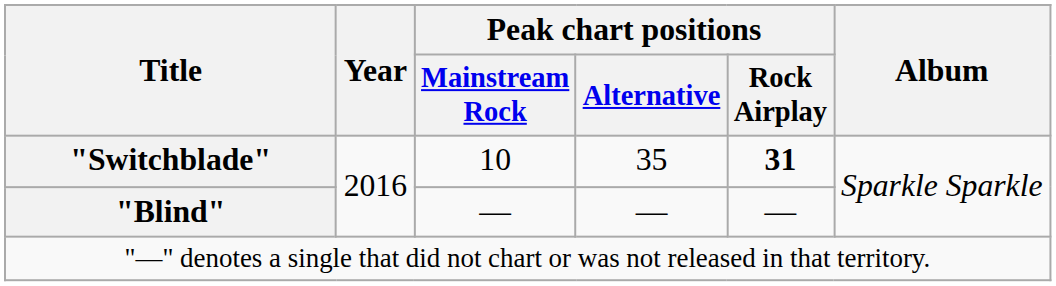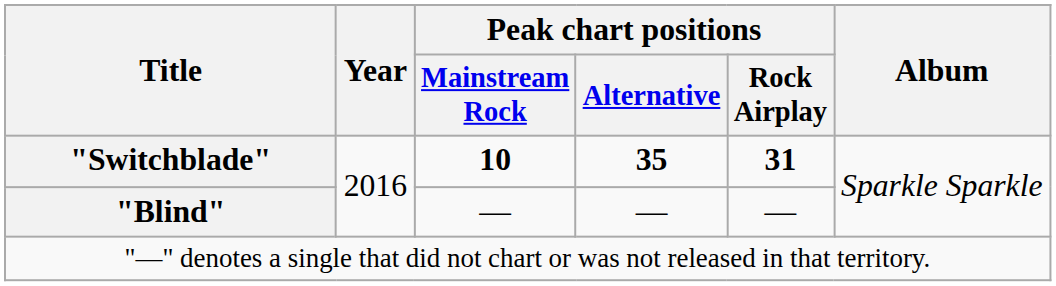 <table class="wikitable plainrowheaders" style="text-align:center;">
 <tr>
 <th scope="col" rowspan="2" style="width:10em;">Title</th>
 <th scope="col" rowspan="2">Year</th>
 <th scope="col" colspan="3">Peak chart positions</th>
 <th scope="col" rowspan="2">Album</th>
 </tr>
 <tr>
 <th scope="col" style="width:3em;font-size:90%;"><a href='#'>Mainstream Rock</a><br></th>
 <th scope="col" style="width:3em;font-size:90%;"><a href='#'>Alternative</a><br></th>
 <th scope="col" style="width:3em;font-size:90%;">Rock Airplay<br></th>
 </tr>
 <tr>
 <th scope="row">"Switchblade"</th>
 <td rowspan="2">2016</td>
-<td>10</td>
-<td>35</td>
+<td><strong>10</strong></td>
+<td><strong>35</strong></td>
 <td><strong>31</strong></td>
 <td rowspan="2"><em>Sparkle Sparkle</em></td>
 </tr>
 <tr>
 <th scope="row">"Blind"</th>
 <td>—</td>
 <td>—</td>
 <td>—</td>
 </tr>
 <tr>
 <td colspan="7" style="font-size:85%">"—" denotes a single that did not chart or was not released in that territory.</td>
 </tr>
 </table>
